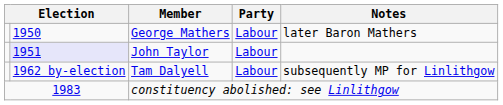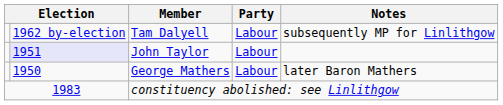 <table class="wikitable">
 <tr>
 <th colspan="2">Election</th>
 <th>Member</th>
 <th>Party</th>
 <th>Notes</th>
 </tr>
 <tr>
 <td style="color:inherit;background-color: "></td>
-<td><a href='#'>1950</a></td>
-<td><a href='#'>George Mathers</a></td>
+<td><a href='#'>1962 by-election</a></td>
+<td><a href='#'>Tam Dalyell</a></td>
 <td><a href='#'>Labour</a></td>
-<td>later Baron Mathers</td>
+<td>subsequently MP for <a href='#'>Linlithgow</a></td>
 </tr>
 <tr>
 <td style="color:inherit;background-color: "></td>
 <td style="background: lavender;"><a href='#'>1951</a></td>
 <td><a href='#'>John Taylor</a></td>
 <td><a href='#'>Labour</a></td>
 </tr>
 <tr>
 <td style="color:inherit;background-color: "></td>
-<td><a href='#'>1962 by-election</a></td>
-<td><a href='#'>Tam Dalyell</a></td>
+<td><a href='#'>1950</a></td>
+<td><a href='#'>George Mathers</a></td>
 <td><a href='#'>Labour</a></td>
-<td>subsequently MP for <a href='#'>Linlithgow</a></td>
+<td>later Baron Mathers</td>
 </tr>
 <tr>
 <td colspan="2" align="center"><a href='#'>1983</a></td>
 <td colspan="3"><em>constituency abolished: see <a href='#'>Linlithgow</a></em></td>
 </tr>
 </table>
